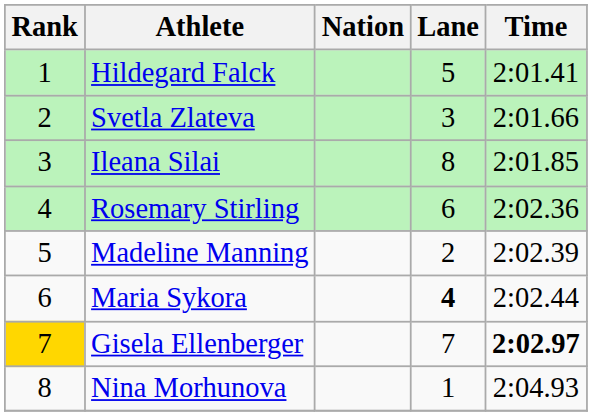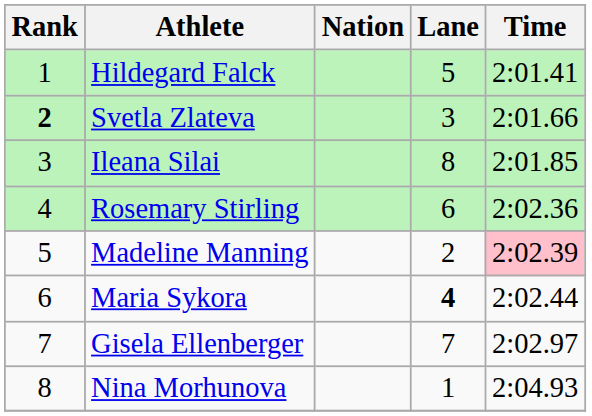 <table class="wikitable sortable" style="text-align:center">
 <tr>
 <th>Rank</th>
 <th>Athlete</th>
 <th>Nation</th>
 <th>Lane</th>
 <th>Time</th>
 </tr>
 <tr bgcolor=bbf3bb>
 <td>1</td>
 <td align=left><a href='#'>Hildegard Falck</a></td>
 <td align=left></td>
 <td>5</td>
 <td>2:01.41</td>
 </tr>
 <tr bgcolor=bbf3bb>
-<td>2</td>
+<td><strong>2</strong></td>
 <td align=left><a href='#'>Svetla Zlateva</a></td>
 <td align=left></td>
 <td>3</td>
 <td>2:01.66</td>
 </tr>
 <tr bgcolor=bbf3bb>
 <td>3</td>
 <td align=left><a href='#'>Ileana Silai</a></td>
 <td align=left></td>
 <td>8</td>
 <td>2:01.85</td>
 </tr>
 <tr bgcolor=bbf3bb>
 <td>4</td>
 <td align=left><a href='#'>Rosemary Stirling</a></td>
 <td align=left></td>
 <td>6</td>
 <td>2:02.36</td>
 </tr>
 <tr>
 <td>5</td>
 <td align=left><a href='#'>Madeline Manning</a></td>
 <td align=left></td>
 <td>2</td>
-<td>2:02.39</td>
+<td style="background: pink;">2:02.39</td>
 </tr>
 <tr>
 <td>6</td>
 <td align=left><a href='#'>Maria Sykora</a></td>
 <td align=left></td>
 <td><strong>4</strong></td>
 <td>2:02.44</td>
 </tr>
 <tr>
-<td style="background: gold;">7</td>
+<td>7</td>
 <td align=left><a href='#'>Gisela Ellenberger</a></td>
 <td align=left></td>
 <td>7</td>
-<td><strong>2:02.97</strong></td>
+<td>2:02.97</td>
 </tr>
 <tr>
 <td>8</td>
 <td align=left><a href='#'>Nina Morhunova</a></td>
 <td align=left></td>
 <td>1</td>
 <td>2:04.93</td>
 </tr>
 <tr>
 </tr>
 </table>
